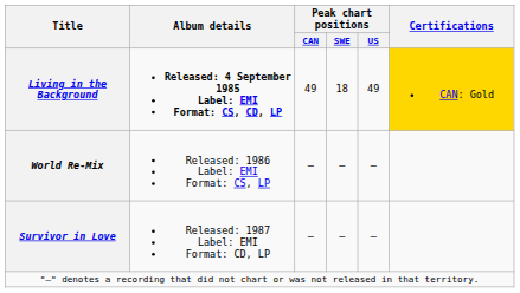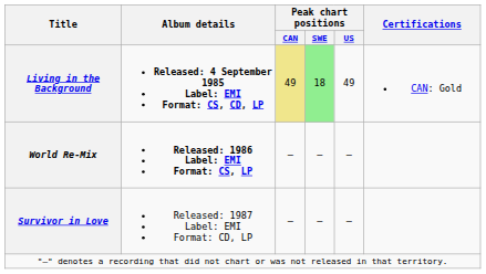 <table class="wikitable plainrowheaders" style="text-align:center;">
 <tr>
 <th scope="col" rowspan="2" style="width:12em;">Title</th>
 <th scope="col" rowspan="2" style="width:16em;">Album details</th>
 <th scope="col" colspan="3">Peak chart positions</th>
 <th scope="col" rowspan="2" style="width:12em;"><a href='#'>Certifications</a></th>
 </tr>
 <tr>
 <th scope="col" style="width:3em;font-size:90%;"><a href='#'>CAN</a><br></th>
 <th scope="col" style="width:3em;font-size:90%;"><a href='#'>SWE</a><br></th>
 <th scope="col" style="width:3em;font-size:90%;"><a href='#'>US</a><br></th>
 </tr>
 <tr>
 <th scope="row"><em><a href='#'>Living in the Background</a></em></th>
 <td><strong><br><ul><li>Released: 4 September 1985</li><li>Label: <a href='#'>EMI</a></li><li>Format: <a href='#'>CS</a>, <a href='#'>CD</a>, <a href='#'>LP</a></li></ul></strong></td>
+<td style="background: khaki;">49</td>
+<td style="background: lightgreen;">18</td>
 <td>49</td>
-<td>18</td>
-<td>49</td>
-<td style="background: gold;"><br><ul><li><a href='#'>CAN</a>: Gold</li></ul></td>
+<td><br><ul><li><a href='#'>CAN</a>: Gold</li></ul></td>
 </tr>
 <tr>
 <th scope="row"><em>World Re-Mix</em></th>
-<td><br><ul><li>Released: 1986</li><li>Label: <a href='#'>EMI</a></li><li>Format: <a href='#'>CS</a>, <a href='#'>LP</a></li></ul></td>
+<td><strong><br><ul><li>Released: 1986</li><li>Label: <a href='#'>EMI</a></li><li>Format: <a href='#'>CS</a>, <a href='#'>LP</a></li></ul></strong></td>
 <td>—</td>
 <td>—</td>
 <td>—</td>
 <td></td>
 </tr>
 <tr>
 <th scope="row"><em><a href='#'>Survivor in Love</a></em></th>
 <td><br><ul><li>Released: 1987</li><li>Label: EMI</li><li>Format: CD, LP</li></ul></td>
 <td>—</td>
 <td>—</td>
 <td>—</td>
 <td></td>
 </tr>
 <tr>
 <td colspan="6" style="font-size:90%">"—" denotes a recording that did not chart or was not released in that territory.</td>
 </tr>
 </table>
